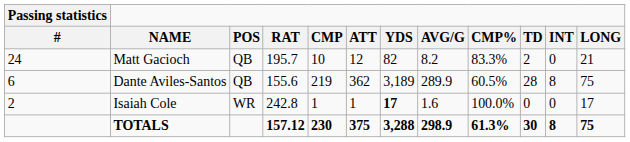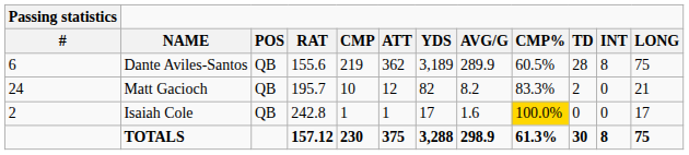 <table class="wikitable">
 <tr>
 <th style="text-align:center; ">Passing statistics</th>
 </tr>
 <tr>
 <th>#</th>
 <th>NAME</th>
 <th>POS</th>
 <th>RAT</th>
 <th>CMP</th>
 <th>ATT</th>
 <th>YDS</th>
 <th>AVG/G</th>
 <th>CMP%</th>
 <th>TD</th>
 <th>INT</th>
 <th>LONG</th>
 </tr>
 <tr>
+<td>6</td>
+<td>Dante Aviles-Santos</td>
+<td>QB</td>
+<td>155.6</td>
+<td>219</td>
+<td>362</td>
+<td>3,189</td>
+<td>289.9</td>
+<td>60.5%</td>
+<td>28</td>
+<td>8</td>
+<td>75</td>
+</tr>
+<tr>
 <td>24</td>
 <td>Matt Gacioch</td>
 <td>QB</td>
 <td>195.7</td>
 <td>10</td>
 <td>12</td>
 <td>82</td>
 <td>8.2</td>
 <td>83.3%</td>
 <td>2</td>
 <td>0</td>
 <td>21</td>
 </tr>
 <tr>
-<td>6</td>
-<td>Dante Aviles-Santos</td>
-<td>QB</td>
-<td>155.6</td>
-<td>219</td>
-<td>362</td>
-<td>3,189</td>
-<td>289.9</td>
-<td>60.5%</td>
-<td>28</td>
-<td>8</td>
-<td>75</td>
-</tr>
-<tr>
 <td>2</td>
 <td>Isaiah Cole</td>
-<td>WR</td>
+<td>QB</td>
 <td>242.8</td>
 <td>1</td>
 <td>1</td>
-<td><strong>17</strong></td>
+<td>17</td>
 <td>1.6</td>
-<td>100.0%</td>
+<td style="background: gold;">100.0%</td>
 <td>0</td>
 <td>0</td>
 <td>17</td>
 </tr>
 <tr>
 <td></td>
 <td><strong>TOTALS</strong></td>
 <td></td>
 <td><strong>157.12</strong></td>
 <td><strong>230</strong></td>
 <td><strong>375</strong></td>
 <td><strong>3,288</strong></td>
 <td><strong>298.9</strong></td>
 <td><strong>61.3%</strong></td>
 <td><strong>30</strong></td>
 <td><strong>8</strong></td>
 <td><strong>75</strong></td>
 </tr>
 </table>
